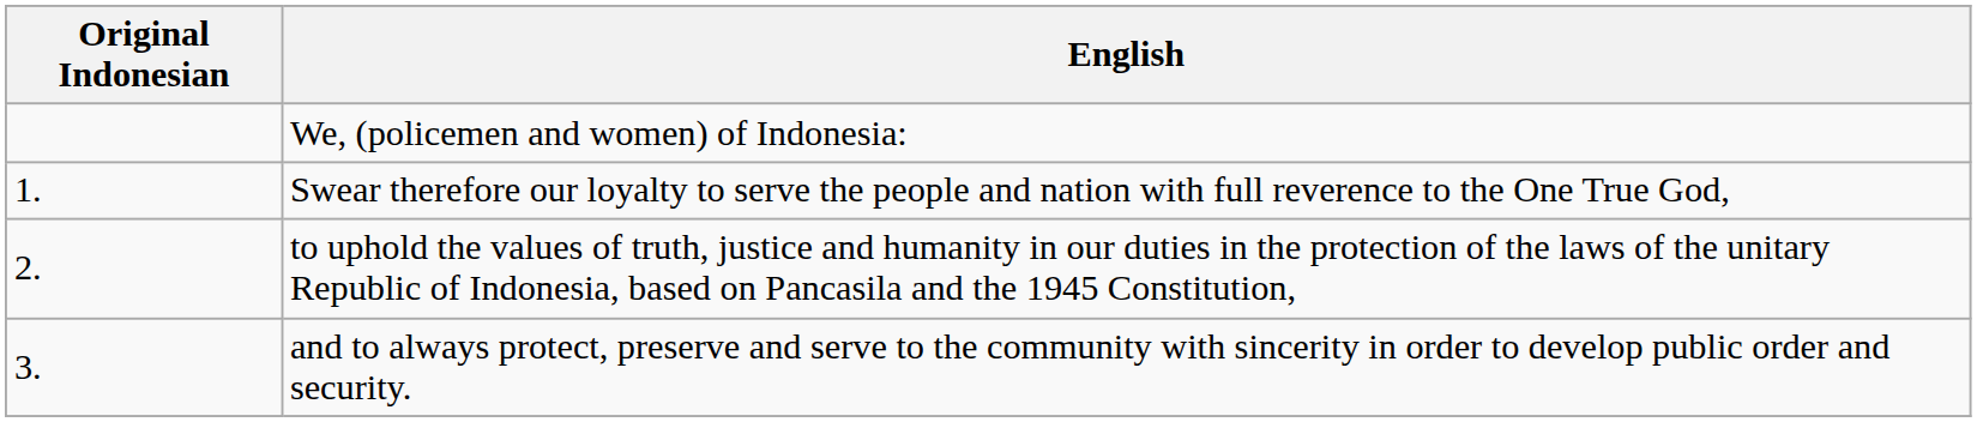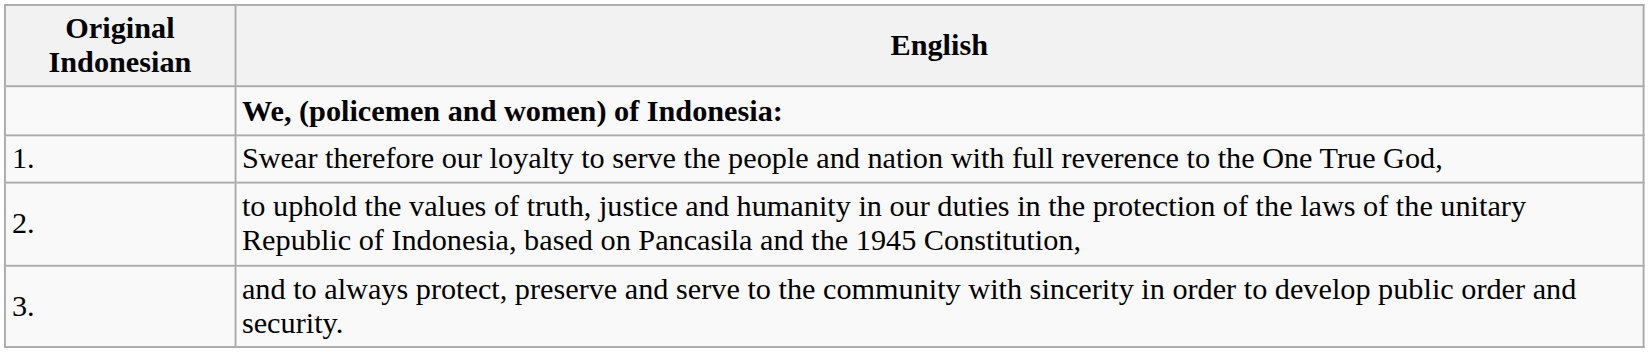 <table class="wikitable">
 <tr>
 <th>Original Indonesian</th>
 <th>English</th>
 </tr>
 <tr>
 <td></td>
-<td>We, (policemen and women) of Indonesia:</td>
+<td><strong>We, (policemen and women) of Indonesia:</strong></td>
 </tr>
 <tr>
 <td>1. </td>
 <td>Swear therefore our loyalty to serve the people and nation with full reverence to the One True God,</td>
 </tr>
 <tr>
 <td>2. </td>
 <td>to uphold the values of truth, justice and humanity in our duties in the protection of the laws of the unitary Republic of Indonesia, based on Pancasila and the 1945 Constitution,</td>
 </tr>
 <tr>
 <td>3. </td>
 <td>and to always protect, preserve and serve to the community with sincerity in order to develop public order and security.</td>
 </tr>
 </table>
